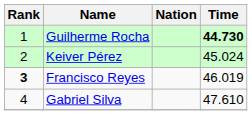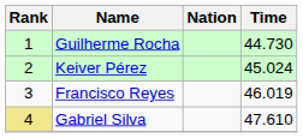 <table class="wikitable" style="text-align:center">
 <tr>
 <th>Rank</th>
 <th>Name</th>
 <th>Nation</th>
 <th>Time</th>
 </tr>
 <tr bgcolor=ccffcc>
 <td>1</td>
 <td align=left><a href='#'>Guilherme Rocha</a></td>
 <td align=left></td>
-<td><strong>44.730</strong></td>
+<td>44.730</td>
 </tr>
 <tr bgcolor=ccffcc>
 <td>2</td>
 <td align=left><a href='#'>Keiver Pérez</a></td>
 <td align=left></td>
 <td>45.024</td>
 </tr>
 <tr>
-<td><strong>3</strong></td>
+<td>3</td>
 <td align=left><a href='#'>Francisco Reyes</a></td>
 <td align=left></td>
 <td>46.019</td>
 </tr>
 <tr>
-<td>4</td>
+<td style="background: khaki;">4</td>
 <td align=left><a href='#'>Gabriel Silva</a></td>
 <td align=left></td>
 <td>47.610</td>
 </tr>
 <tr>
 </tr>
 </table>
